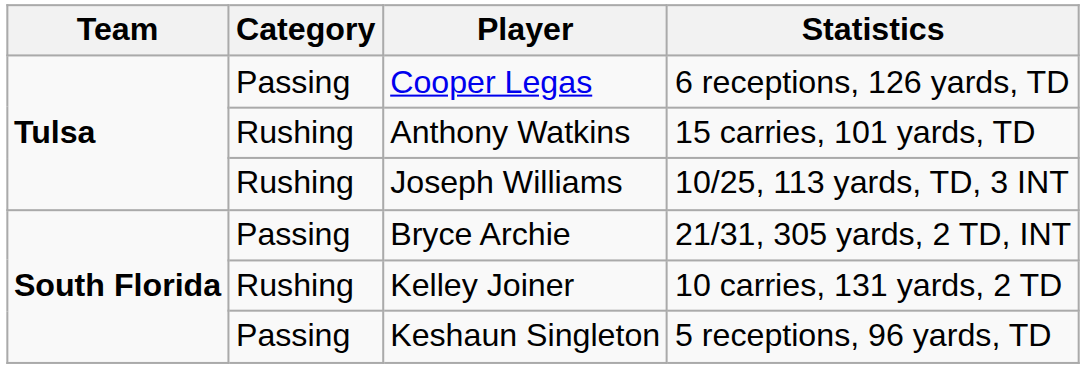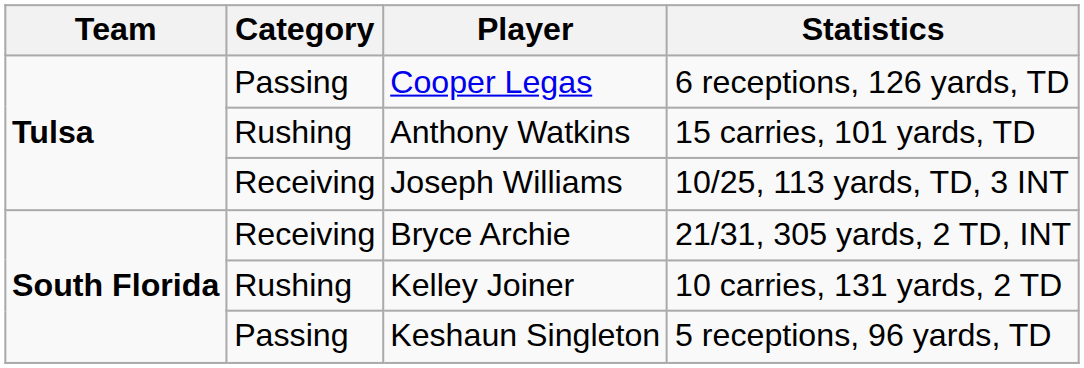 <table class="wikitable" style="float: right;">
 <tr>
 <th>Team</th>
 <th>Category</th>
 <th>Player</th>
 <th>Statistics</th>
 </tr>
 <tr>
 <td rowspan=3><strong>Tulsa</strong></td>
 <td>Passing</td>
 <td><a href='#'>Cooper Legas</a></td>
 <td>6 receptions, 126 yards, TD</td>
 </tr>
 <tr>
 <td>Rushing</td>
 <td>Anthony Watkins</td>
 <td>15 carries, 101 yards, TD</td>
 </tr>
 <tr>
-<td>Rushing</td>
+<td>Receiving</td>
 <td>Joseph Williams</td>
 <td>10/25, 113 yards, TD, 3 INT</td>
 </tr>
 <tr>
 <td rowspan=3><strong>South Florida</strong></td>
-<td>Passing</td>
+<td>Receiving</td>
 <td>Bryce Archie</td>
 <td>21/31, 305 yards, 2 TD, INT</td>
 </tr>
 <tr>
 <td>Rushing</td>
 <td>Kelley Joiner</td>
 <td>10 carries, 131 yards, 2 TD</td>
 </tr>
 <tr>
 <td>Passing</td>
 <td>Keshaun Singleton</td>
 <td>5 receptions, 96 yards, TD</td>
 </tr>
 </table>
